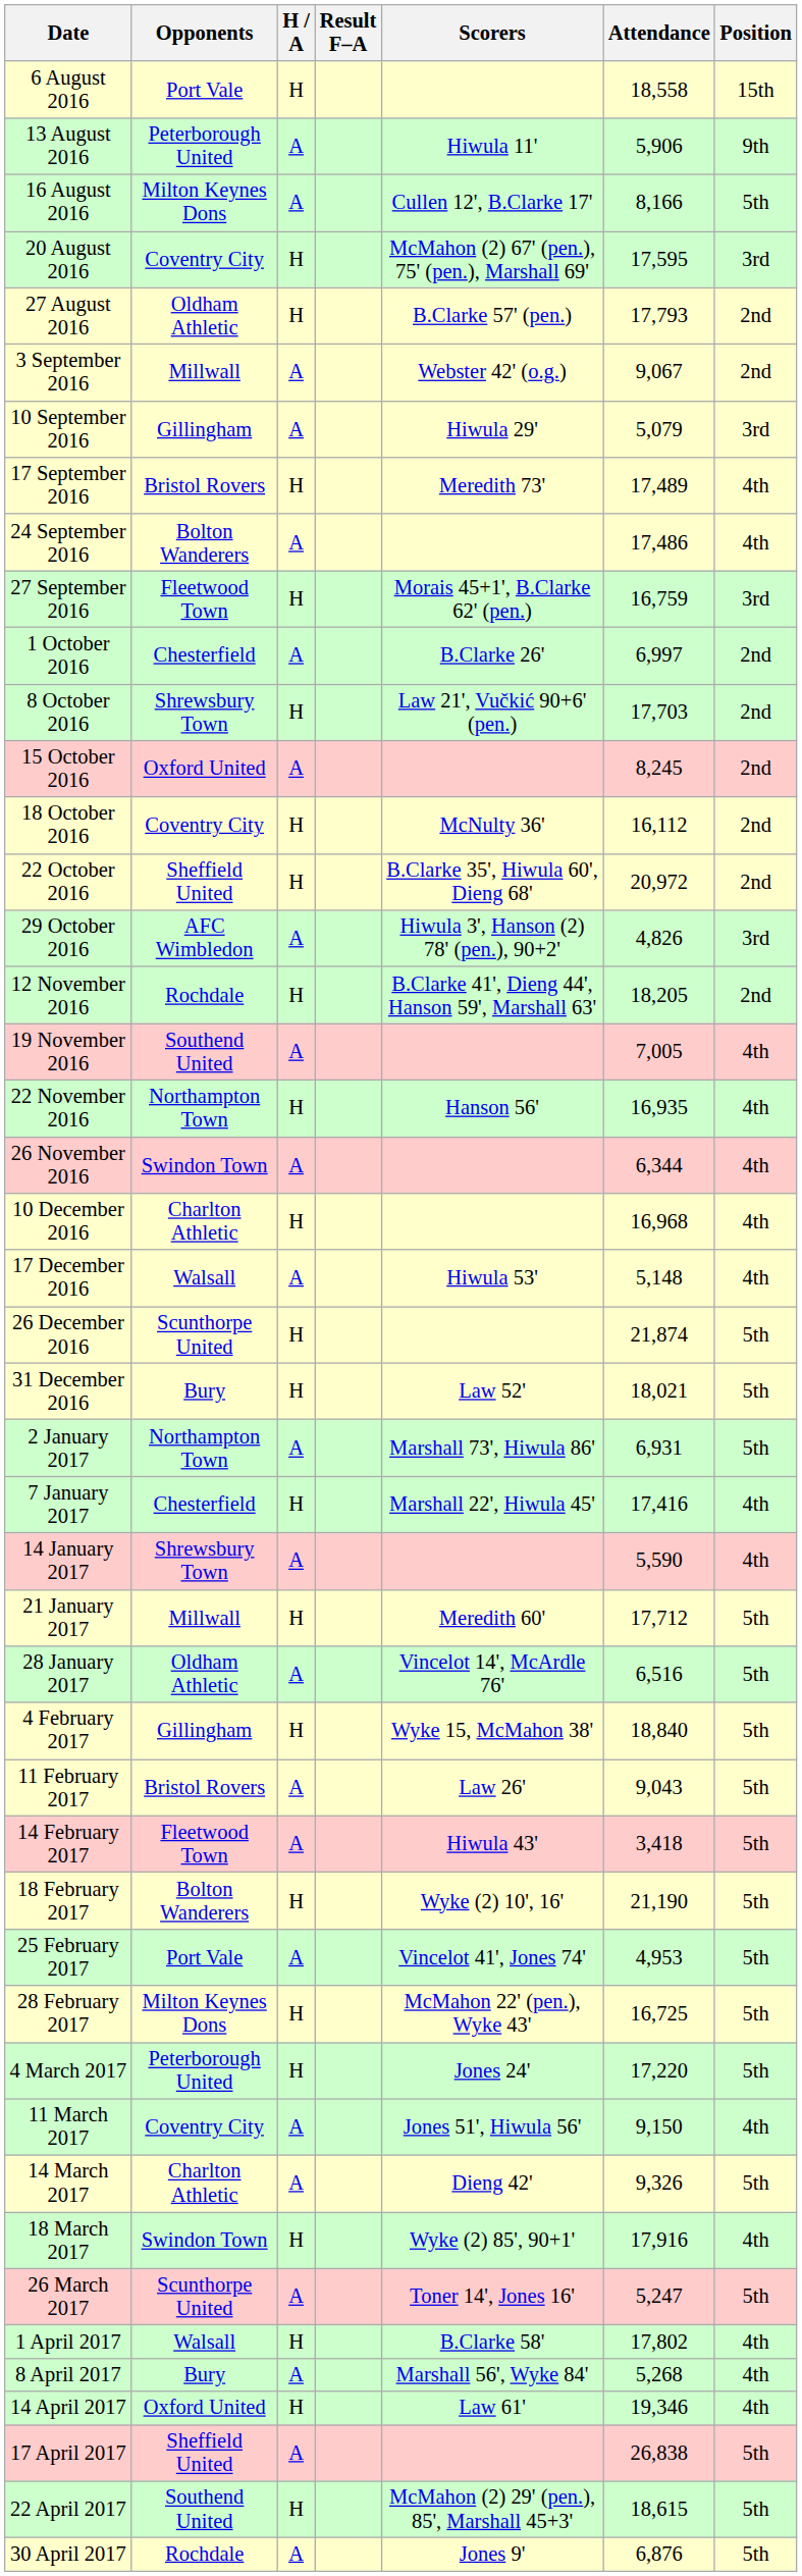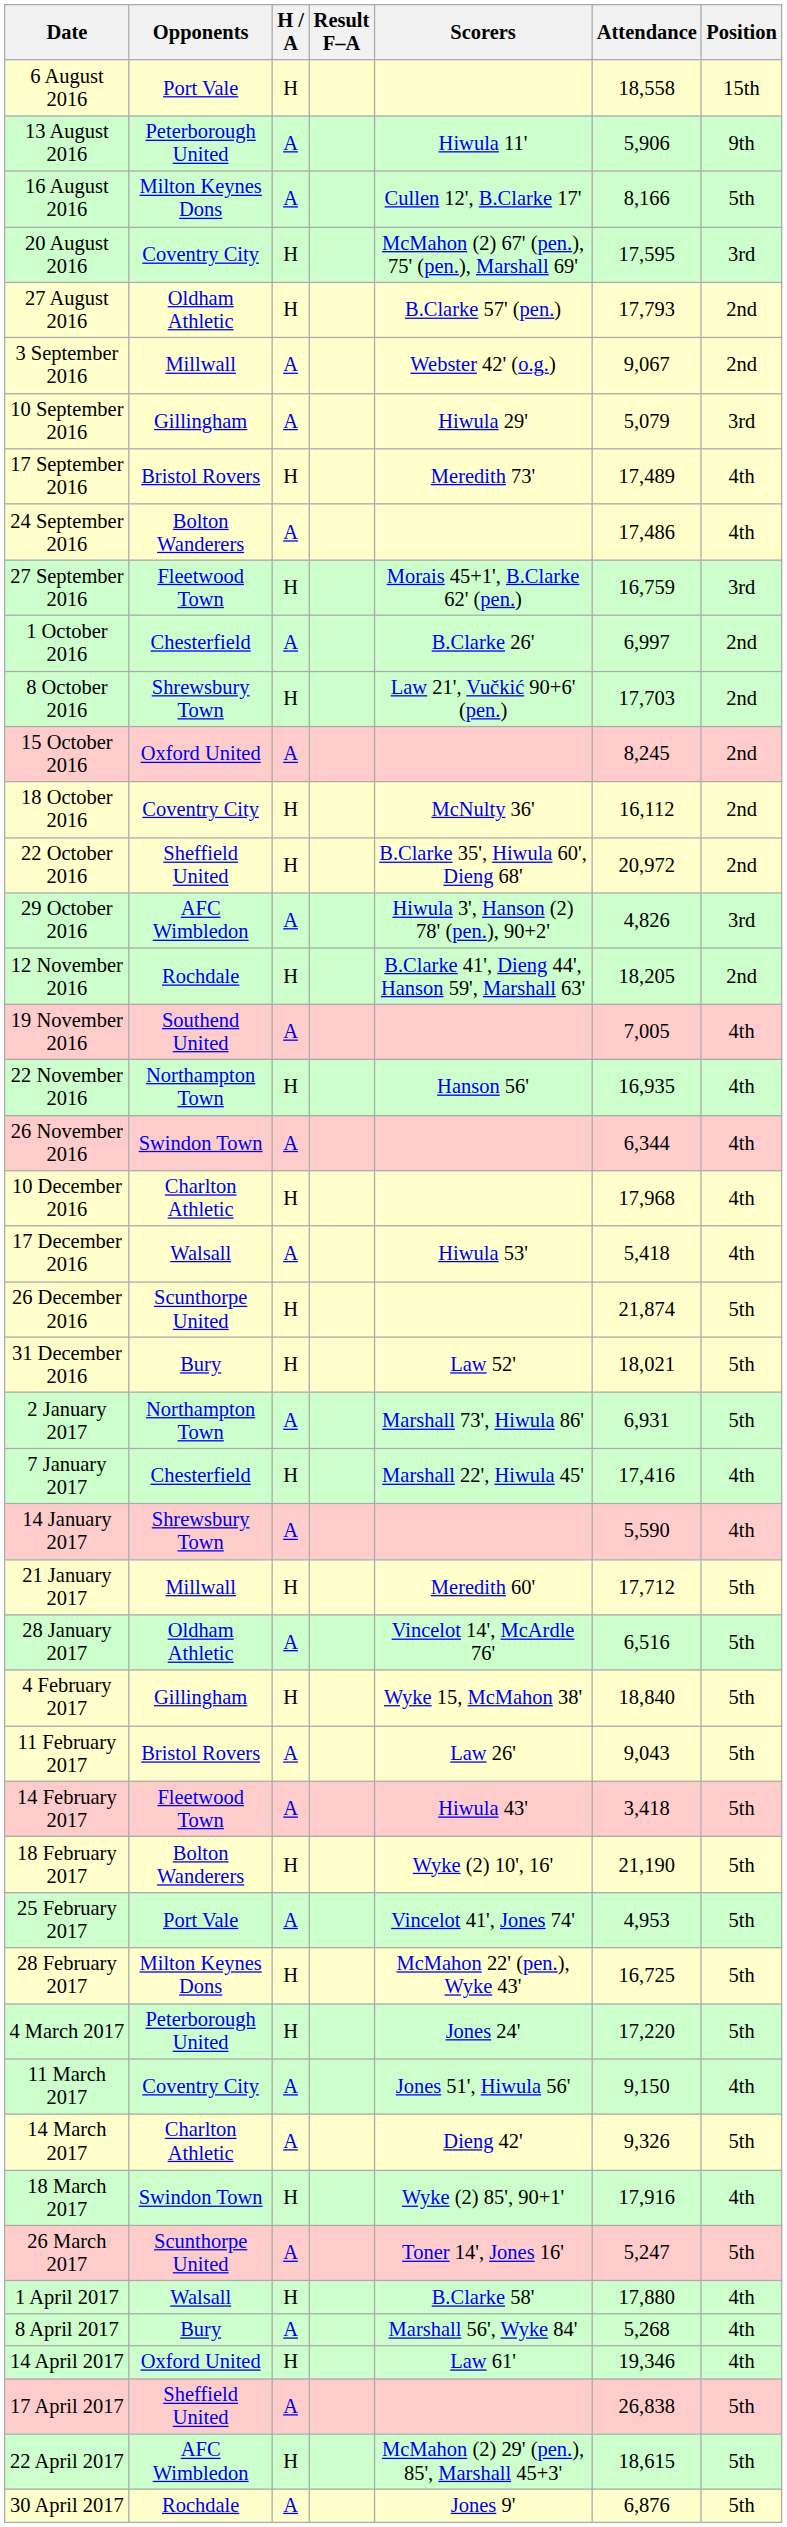 <table class="wikitable" style="text-align:center">
 <tr>
 <th>Date</th>
 <th>Opponents</th>
 <th>H / A</th>
 <th>Result<br>F–A</th>
 <th>Scorers</th>
 <th>Attendance</th>
 <th>Position</th>
 </tr>
 <tr bgcolor="#ffffcc">
 <td>6 August 2016</td>
 <td><a href='#'>Port Vale</a></td>
 <td>H</td>
 <td></td>
 <td></td>
 <td>18,558</td>
 <td>15th</td>
 </tr>
 <tr style="background:#cfc;">
 <td>13 August 2016</td>
 <td><a href='#'>Peterborough United</a></td>
 <td><a href='#'>A</a></td>
 <td></td>
 <td><a href='#'>Hiwula</a> 11'</td>
 <td>5,906</td>
 <td>9th</td>
 </tr>
 <tr style="background:#cfc;">
 <td>16 August 2016</td>
 <td><a href='#'>Milton Keynes Dons</a></td>
 <td><a href='#'>A</a></td>
 <td></td>
 <td><a href='#'>Cullen</a> 12', <a href='#'>B.Clarke</a> 17'</td>
 <td>8,166</td>
 <td>5th</td>
 </tr>
 <tr style="background:#cfc;">
 <td>20 August 2016</td>
 <td><a href='#'>Coventry City</a></td>
 <td>H</td>
 <td></td>
 <td><a href='#'>McMahon</a> (2) 67' (<a href='#'>pen.</a>), 75' (<a href='#'>pen.</a>), <a href='#'>Marshall</a> 69'</td>
 <td>17,595</td>
 <td>3rd</td>
 </tr>
 <tr style="background:#ffc;">
 <td>27 August 2016</td>
 <td><a href='#'>Oldham Athletic</a></td>
 <td>H</td>
 <td></td>
 <td><a href='#'>B.Clarke</a> 57' (<a href='#'>pen.</a>)</td>
 <td>17,793</td>
 <td>2nd</td>
 </tr>
 <tr style="background:#ffc;">
 <td>3 September 2016</td>
 <td><a href='#'>Millwall</a></td>
 <td><a href='#'>A</a></td>
 <td></td>
 <td><a href='#'>Webster</a> 42' (<a href='#'>o.g.</a>)</td>
 <td>9,067</td>
 <td>2nd</td>
 </tr>
 <tr style="background:#ffc;">
 <td>10 September 2016</td>
 <td><a href='#'>Gillingham</a></td>
 <td><a href='#'>A</a></td>
 <td></td>
 <td><a href='#'>Hiwula</a> 29'</td>
 <td>5,079</td>
 <td>3rd</td>
 </tr>
 <tr style="background:#ffc;">
 <td>17 September 2016</td>
 <td><a href='#'>Bristol Rovers</a></td>
 <td>H</td>
 <td></td>
 <td><a href='#'>Meredith</a> 73'</td>
 <td>17,489</td>
 <td>4th</td>
 </tr>
 <tr style="background:#ffc;">
 <td>24 September 2016</td>
 <td><a href='#'>Bolton Wanderers</a></td>
 <td><a href='#'>A</a></td>
 <td></td>
 <td></td>
 <td>17,486</td>
 <td>4th</td>
 </tr>
 <tr style="background:#cfc;">
 <td>27 September 2016</td>
 <td><a href='#'>Fleetwood Town</a></td>
 <td>H</td>
 <td></td>
 <td><a href='#'>Morais</a> 45+1', <a href='#'>B.Clarke</a> 62' (<a href='#'>pen.</a>)</td>
 <td>16,759</td>
 <td>3rd</td>
 </tr>
 <tr style="background:#cfc;">
 <td>1 October 2016</td>
 <td><a href='#'>Chesterfield</a></td>
 <td><a href='#'>A</a></td>
 <td></td>
 <td><a href='#'>B.Clarke</a> 26'</td>
 <td>6,997</td>
 <td>2nd</td>
 </tr>
 <tr style="background:#cfc;">
 <td>8 October 2016</td>
 <td><a href='#'>Shrewsbury Town</a></td>
 <td>H</td>
 <td></td>
 <td><a href='#'>Law</a> 21', <a href='#'>Vučkić</a> 90+6' (<a href='#'>pen.</a>)</td>
 <td>17,703</td>
 <td>2nd</td>
 </tr>
 <tr style="background:#fcc;">
 <td>15 October 2016</td>
 <td><a href='#'>Oxford United</a></td>
 <td><a href='#'>A</a></td>
 <td></td>
 <td></td>
 <td>8,245</td>
 <td>2nd</td>
 </tr>
 <tr style="background:#ffc;">
 <td>18 October 2016</td>
 <td><a href='#'>Coventry City</a></td>
 <td>H</td>
 <td></td>
 <td><a href='#'>McNulty</a> 36'</td>
 <td>16,112</td>
 <td>2nd</td>
 </tr>
 <tr style="background:#ffc;">
 <td>22 October 2016</td>
 <td><a href='#'>Sheffield United</a></td>
 <td>H</td>
 <td></td>
 <td><a href='#'>B.Clarke</a> 35', <a href='#'>Hiwula</a> 60', <a href='#'>Dieng</a> 68'</td>
 <td>20,972</td>
 <td>2nd</td>
 </tr>
 <tr style="background:#cfc;">
 <td>29 October 2016</td>
 <td><a href='#'>AFC Wimbledon</a></td>
 <td><a href='#'>A</a></td>
 <td></td>
 <td><a href='#'>Hiwula</a> 3', <a href='#'>Hanson</a> (2) 78' (<a href='#'>pen.</a>), 90+2'</td>
 <td>4,826</td>
 <td>3rd</td>
 </tr>
 <tr bgcolor="#ccffcc">
 <td>12 November 2016</td>
 <td><a href='#'>Rochdale</a></td>
 <td>H</td>
 <td></td>
 <td><a href='#'>B.Clarke</a> 41', <a href='#'>Dieng</a> 44', <a href='#'>Hanson</a> 59', <a href='#'>Marshall</a> 63'</td>
 <td>18,205</td>
 <td>2nd</td>
 </tr>
 <tr bgcolor="#ffcccc">
 <td>19 November 2016</td>
 <td><a href='#'>Southend United</a></td>
 <td><a href='#'>A</a></td>
 <td></td>
 <td></td>
 <td>7,005</td>
 <td>4th</td>
 </tr>
 <tr bgcolor="#ccffcc">
 <td>22 November 2016</td>
 <td><a href='#'>Northampton Town</a></td>
 <td>H</td>
 <td></td>
 <td><a href='#'>Hanson</a> 56'</td>
 <td>16,935</td>
 <td>4th</td>
 </tr>
 <tr bgcolor="#FFCCCC">
 <td>26 November 2016</td>
 <td><a href='#'>Swindon Town</a></td>
 <td><a href='#'>A</a></td>
 <td></td>
 <td></td>
 <td>6,344</td>
 <td>4th</td>
 </tr>
 <tr style="background:#ffc;">
 <td>10 December 2016</td>
 <td><a href='#'>Charlton Athletic</a></td>
 <td>H</td>
 <td></td>
 <td></td>
-<td>16,968</td>
+<td>17,968</td>
 <td>4th</td>
 </tr>
 <tr style="background:#ffc;">
 <td>17 December 2016</td>
 <td><a href='#'>Walsall</a></td>
 <td><a href='#'>A</a></td>
 <td></td>
 <td><a href='#'>Hiwula</a> 53'</td>
-<td>5,148</td>
+<td>5,418</td>
 <td>4th</td>
 </tr>
 <tr style="background:#ffc;">
 <td>26 December 2016</td>
 <td><a href='#'>Scunthorpe United</a></td>
 <td>H</td>
 <td></td>
 <td></td>
 <td>21,874</td>
 <td>5th</td>
 </tr>
 <tr style="background:#ffc;">
 <td>31 December 2016</td>
 <td><a href='#'>Bury</a></td>
 <td>H</td>
 <td></td>
 <td><a href='#'>Law</a> 52'</td>
 <td>18,021</td>
 <td>5th</td>
 </tr>
 <tr style="background:#cfc;">
 <td>2 January 2017</td>
 <td><a href='#'>Northampton Town</a></td>
 <td><a href='#'>A</a></td>
 <td></td>
 <td><a href='#'>Marshall</a> 73', <a href='#'>Hiwula</a> 86'</td>
 <td>6,931</td>
 <td>5th</td>
 </tr>
 <tr style="background:#cfc;">
 <td>7 January 2017</td>
 <td><a href='#'>Chesterfield</a></td>
 <td>H</td>
 <td></td>
 <td><a href='#'>Marshall</a> 22', <a href='#'>Hiwula</a> 45'</td>
 <td>17,416</td>
 <td>4th</td>
 </tr>
 <tr style="background:#fcc;">
 <td>14 January 2017</td>
 <td><a href='#'>Shrewsbury Town</a></td>
 <td><a href='#'>A</a></td>
 <td></td>
 <td></td>
 <td>5,590</td>
 <td>4th</td>
 </tr>
 <tr style="background:#ffc;">
 <td>21 January 2017</td>
 <td><a href='#'>Millwall</a></td>
 <td>H</td>
 <td></td>
 <td><a href='#'>Meredith</a> 60'</td>
 <td>17,712</td>
 <td>5th</td>
 </tr>
 <tr style="background:#cfc;">
 <td>28 January 2017</td>
 <td><a href='#'>Oldham Athletic</a></td>
 <td><a href='#'>A</a></td>
 <td></td>
 <td><a href='#'>Vincelot</a> 14', <a href='#'>McArdle</a> 76'</td>
 <td>6,516</td>
 <td>5th</td>
 </tr>
 <tr style="background:#ffc;">
 <td>4 February 2017</td>
 <td><a href='#'>Gillingham</a></td>
 <td>H</td>
 <td></td>
 <td><a href='#'>Wyke</a> 15, <a href='#'>McMahon</a> 38'</td>
 <td>18,840</td>
 <td>5th</td>
 </tr>
 <tr style="background:#ffc;">
 <td>11 February 2017</td>
 <td><a href='#'>Bristol Rovers</a></td>
 <td><a href='#'>A</a></td>
 <td></td>
 <td><a href='#'>Law</a> 26'</td>
 <td>9,043</td>
 <td>5th</td>
 </tr>
 <tr bgcolor="#ffcccc">
 <td>14 February 2017</td>
 <td><a href='#'>Fleetwood Town</a></td>
 <td><a href='#'>A</a></td>
 <td></td>
 <td><a href='#'>Hiwula</a> 43'</td>
 <td>3,418</td>
 <td>5th</td>
 </tr>
 <tr style="background:#ffc;">
 <td>18 February 2017</td>
 <td><a href='#'>Bolton Wanderers</a></td>
 <td>H</td>
 <td></td>
 <td><a href='#'>Wyke</a> (2) 10', 16'</td>
 <td>21,190</td>
 <td>5th</td>
 </tr>
 <tr bgcolor="#ccffcc">
 <td>25 February 2017</td>
 <td><a href='#'>Port Vale</a></td>
 <td><a href='#'>A</a></td>
 <td></td>
 <td><a href='#'>Vincelot</a> 41', <a href='#'>Jones</a> 74'</td>
 <td>4,953</td>
 <td>5th</td>
 </tr>
 <tr bgcolor="#ffffcc">
 <td>28 February 2017</td>
 <td><a href='#'>Milton Keynes Dons</a></td>
 <td>H</td>
 <td></td>
 <td><a href='#'>McMahon</a> 22' (<a href='#'>pen.</a>), <a href='#'>Wyke</a> 43'</td>
 <td>16,725</td>
 <td>5th</td>
 </tr>
 <tr bgcolor="#ccffcc">
 <td>4 March 2017</td>
 <td><a href='#'>Peterborough United</a></td>
 <td>H</td>
 <td></td>
 <td><a href='#'>Jones</a> 24'</td>
 <td>17,220</td>
 <td>5th</td>
 </tr>
 <tr bgcolor="#ccffcc">
 <td>11 March 2017</td>
 <td><a href='#'>Coventry City</a></td>
 <td><a href='#'>A</a></td>
 <td></td>
 <td><a href='#'>Jones</a> 51', <a href='#'>Hiwula</a> 56'</td>
 <td>9,150</td>
 <td>4th</td>
 </tr>
 <tr bgcolor="#ffffcc">
 <td>14 March 2017</td>
 <td><a href='#'>Charlton Athletic</a></td>
 <td><a href='#'>A</a></td>
 <td></td>
 <td><a href='#'>Dieng</a> 42'</td>
 <td>9,326</td>
 <td>5th</td>
 </tr>
 <tr bgcolor="#ccffcc">
 <td>18 March 2017</td>
 <td><a href='#'>Swindon Town</a></td>
 <td>H</td>
 <td></td>
 <td><a href='#'>Wyke</a> (2) 85', 90+1'</td>
 <td>17,916</td>
 <td>4th</td>
 </tr>
 <tr bgcolor="#ffcccc">
 <td>26 March 2017</td>
 <td><a href='#'>Scunthorpe United</a></td>
 <td><a href='#'>A</a></td>
 <td></td>
 <td><a href='#'>Toner</a> 14', <a href='#'>Jones</a> 16'</td>
 <td>5,247</td>
 <td>5th</td>
 </tr>
 <tr bgcolor="#ccffcc">
 <td>1 April 2017</td>
 <td><a href='#'>Walsall</a></td>
 <td>H</td>
 <td></td>
 <td><a href='#'>B.Clarke</a> 58'</td>
-<td>17,802</td>
+<td>17,880</td>
 <td>4th</td>
 </tr>
 <tr bgcolor="#ccffcc">
 <td>8 April 2017</td>
 <td><a href='#'>Bury</a></td>
 <td><a href='#'>A</a></td>
 <td></td>
 <td><a href='#'>Marshall</a> 56', <a href='#'>Wyke</a> 84'</td>
 <td>5,268</td>
 <td>4th</td>
 </tr>
 <tr bgcolor="#ccffcc">
 <td>14 April 2017</td>
 <td><a href='#'>Oxford United</a></td>
 <td>H</td>
 <td></td>
 <td><a href='#'>Law</a> 61'</td>
 <td>19,346</td>
 <td>4th</td>
 </tr>
 <tr bgcolor="#ffcccc">
 <td>17 April 2017</td>
 <td><a href='#'>Sheffield United</a></td>
 <td><a href='#'>A</a></td>
 <td></td>
 <td></td>
 <td>26,838</td>
 <td>5th</td>
 </tr>
 <tr bgcolor=#ccffcc>
 <td>22 April 2017</td>
-<td><a href='#'>Southend United</a></td>
+<td><a href='#'>AFC Wimbledon</a></td>
 <td>H</td>
 <td></td>
 <td><a href='#'>McMahon</a> (2) 29' (<a href='#'>pen.</a>), 85', <a href='#'>Marshall</a> 45+3'</td>
 <td>18,615</td>
 <td>5th</td>
 </tr>
 <tr bgcolor=#ffffcc>
 <td>30 April 2017</td>
 <td><a href='#'>Rochdale</a></td>
 <td><a href='#'>A</a></td>
 <td></td>
 <td><a href='#'>Jones</a> 9'</td>
 <td>6,876</td>
 <td>5th</td>
 </tr>
 </table>
